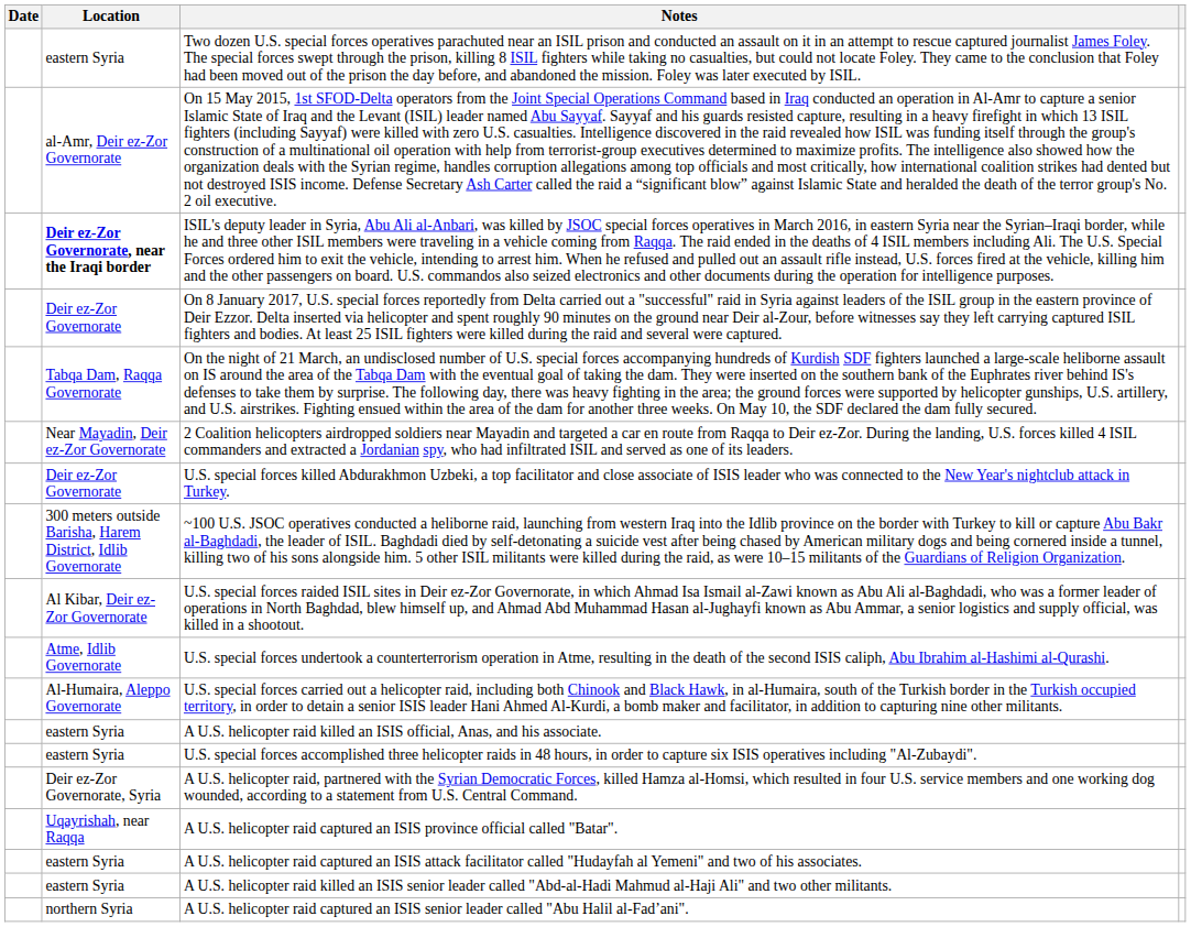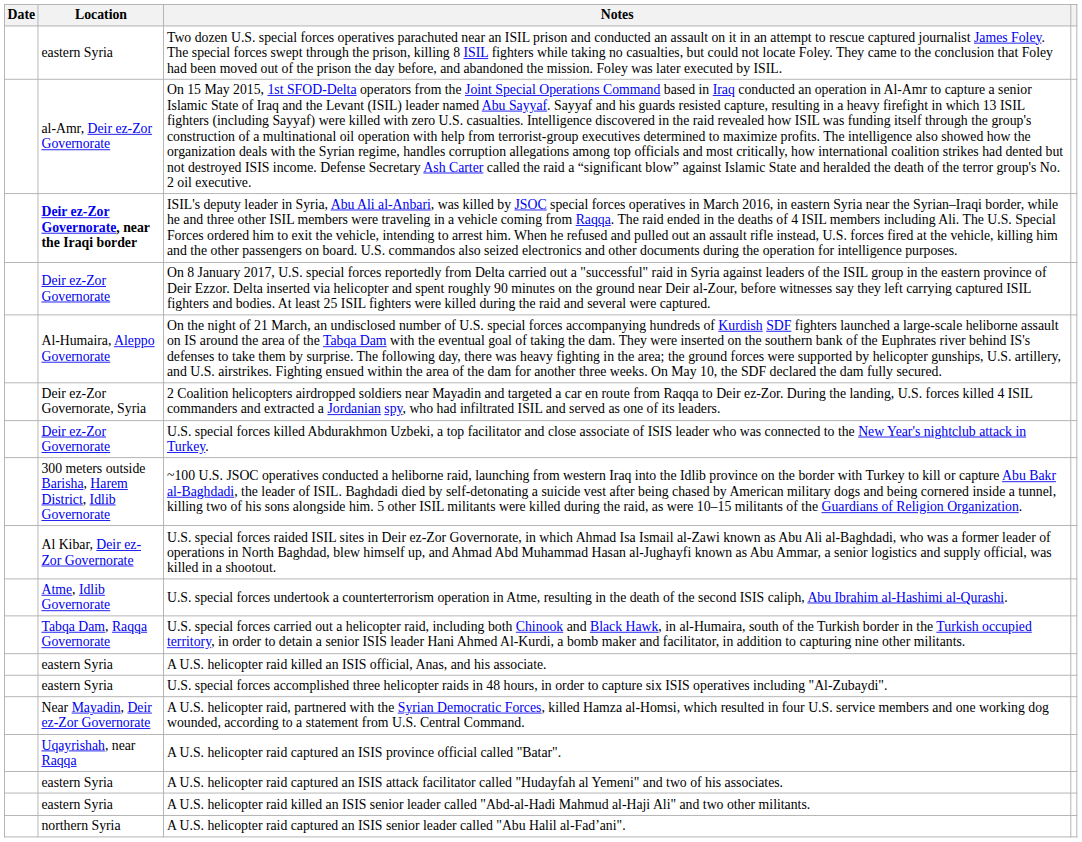 <table class="sortable wikitable" style="background:white; text-align:left;">
 <tr>
 <th>Date</th>
 <th>Location</th>
 <th>Notes</th>
 <th></th>
 </tr>
 <tr>
 <td></td>
 <td>eastern Syria</td>
 <td> Two dozen U.S. special forces operatives parachuted near an ISIL prison and conducted an assault on it in an attempt to rescue captured journalist <a href='#'>James Foley</a>. The special forces swept through the prison, killing 8 <a href='#'>ISIL</a> fighters while taking no casualties, but could not locate Foley. They came to the conclusion that Foley had been moved out of the prison the day before, and abandoned the mission. Foley was later executed by ISIL.</td>
 <td></td>
 </tr>
 <tr>
 <td></td>
 <td>al-Amr, <a href='#'>Deir ez-Zor Governorate</a></td>
 <td> On 15 May 2015, <a href='#'>1st SFOD-Delta</a> operators from the <a href='#'>Joint Special Operations Command</a> based in <a href='#'>Iraq</a> conducted an operation in Al-Amr to capture a senior Islamic State of Iraq and the Levant (ISIL) leader named <a href='#'>Abu Sayyaf</a>. Sayyaf and his guards resisted capture, resulting in a heavy firefight in which 13 ISIL fighters (including Sayyaf) were killed with zero U.S. casualties. Intelligence discovered in the raid revealed how ISIL was funding itself through the group's construction of a multinational oil operation with help from terrorist-group executives determined to maximize profits. The intelligence also showed how the organization deals with the Syrian regime, handles corruption allegations among top officials and most critically, how international coalition strikes had dented but not destroyed ISIS income. Defense Secretary <a href='#'>Ash Carter</a> called the raid a “significant blow” against Islamic State and heralded the death of the terror group's No. 2 oil executive.</td>
 <td></td>
 </tr>
 <tr>
 <td></td>
 <td><strong><a href='#'>Deir ez-Zor Governorate</a>, near the Iraqi border</strong></td>
 <td>ISIL's deputy leader in Syria, <a href='#'>Abu Ali al-Anbari</a>, was killed by <a href='#'>JSOC</a> special forces operatives in March 2016, in eastern Syria near the Syrian–Iraqi border, while he and three other ISIL members were traveling in a vehicle coming from <a href='#'>Raqqa</a>. The raid ended in the deaths of 4 ISIL members including Ali. The U.S. Special Forces ordered him to exit the vehicle, intending to arrest him. When he refused and pulled out an assault rifle instead, U.S. forces fired at the vehicle, killing him and the other passengers on board. U.S. commandos also seized electronics and other documents during the operation for intelligence purposes.</td>
 <td></td>
 </tr>
 <tr>
 <td></td>
 <td><a href='#'>Deir ez-Zor Governorate</a></td>
 <td>On 8 January 2017, U.S. special forces reportedly from Delta carried out a "successful" raid in Syria against leaders of the ISIL group in the eastern province of Deir Ezzor. Delta inserted via helicopter and spent roughly 90 minutes on the ground near Deir al-Zour, before witnesses say they left carrying captured ISIL fighters and bodies. At least 25 ISIL fighters were killed during the raid and several were captured.</td>
 <td></td>
 </tr>
 <tr>
 <td></td>
-<td><a href='#'>Tabqa Dam</a>, <a href='#'>Raqqa Governorate</a></td>
+<td>Al-Humaira, <a href='#'>Aleppo Governorate</a></td>
 <td>On the night of 21 March, an undisclosed number of U.S. special forces accompanying hundreds of <a href='#'>Kurdish</a> <a href='#'>SDF</a> fighters launched a large-scale heliborne assault on IS around the area of the <a href='#'>Tabqa Dam</a> with the eventual goal of taking the dam. They were inserted on the southern bank of the Euphrates river behind IS's defenses to take them by surprise. The following day, there was heavy fighting in the area; the ground forces were supported by helicopter gunships, U.S. artillery, and U.S. airstrikes. Fighting ensued within the area of the dam for another three weeks. On May 10, the SDF declared the dam fully secured.</td>
 <td></td>
 </tr>
 <tr>
 <td></td>
-<td>Near <a href='#'>Mayadin</a>, <a href='#'>Deir ez-Zor Governorate</a></td>
+<td>Deir ez-Zor Governorate, Syria</td>
 <td>2 Coalition helicopters airdropped soldiers near Mayadin and targeted a car en route from Raqqa to Deir ez-Zor. During the landing, U.S. forces killed 4 ISIL commanders and extracted a <a href='#'>Jordanian</a> <a href='#'>spy</a>, who had infiltrated ISIL and served as one of its leaders.</td>
 <td></td>
 </tr>
 <tr>
 <td></td>
 <td><a href='#'>Deir ez-Zor Governorate</a></td>
 <td>U.S. special forces killed Abdurakhmon Uzbeki, a top facilitator and close associate of ISIS leader who was connected to the <a href='#'>New Year's nightclub attack in Turkey</a>.</td>
 <td></td>
 </tr>
 <tr>
 <td></td>
 <td>300 meters outside <a href='#'>Barisha</a>, <a href='#'>Harem District</a>, <a href='#'>Idlib Governorate</a></td>
 <td> ~100 U.S. JSOC operatives conducted a heliborne raid, launching from western Iraq into the Idlib province on the border with Turkey to kill or capture <a href='#'>Abu Bakr al-Baghdadi</a>, the leader of ISIL. Baghdadi died by self-detonating a suicide vest after being chased by American military dogs and being cornered inside a tunnel, killing two of his sons alongside him. 5 other ISIL militants were killed during the raid, as were 10–15 militants of the <a href='#'>Guardians of Religion Organization</a>.</td>
 <td></td>
 </tr>
 <tr>
 <td></td>
 <td>Al Kibar, <a href='#'>Deir ez-Zor Governorate</a></td>
 <td>U.S. special forces raided ISIL sites in Deir ez-Zor Governorate, in which Ahmad Isa Ismail al-Zawi known as Abu Ali al-Baghdadi, who was a former leader of operations in North Baghdad, blew himself up, and Ahmad Abd Muhammad Hasan al-Jughayfi known as Abu Ammar, a senior logistics and supply official, was killed in a shootout.</td>
 <td></td>
 </tr>
 <tr>
 <td></td>
 <td><a href='#'>Atme</a>, <a href='#'>Idlib Governorate</a></td>
 <td>U.S. special forces undertook a counterterrorism operation in Atme, resulting in the death of the second ISIS caliph, <a href='#'>Abu Ibrahim al-Hashimi al-Qurashi</a>.</td>
 <td></td>
 </tr>
 <tr>
 <td></td>
-<td>Al-Humaira, <a href='#'>Aleppo Governorate</a></td>
+<td><a href='#'>Tabqa Dam</a>, <a href='#'>Raqqa Governorate</a></td>
 <td>U.S. special forces carried out a helicopter raid, including both <a href='#'>Chinook</a> and <a href='#'>Black Hawk</a>, in al-Humaira, south of the Turkish border in the <a href='#'>Turkish occupied territory</a>, in order to detain a senior ISIS leader Hani Ahmed Al-Kurdi, a bomb maker and facilitator, in addition to capturing nine other militants.</td>
 <td></td>
 </tr>
 <tr>
 <td></td>
 <td>eastern Syria</td>
 <td>A U.S. helicopter raid killed an ISIS official, Anas, and his associate.</td>
 <td></td>
 </tr>
 <tr>
 <td></td>
 <td>eastern Syria</td>
 <td>U.S. special forces accomplished three helicopter raids in 48 hours, in order to capture six ISIS operatives including "Al-Zubaydi".</td>
 <td></td>
 </tr>
 <tr>
 <td></td>
-<td>Deir ez-Zor Governorate, Syria</td>
+<td>Near <a href='#'>Mayadin</a>, <a href='#'>Deir ez-Zor Governorate</a></td>
 <td>A U.S. helicopter raid, partnered with the <a href='#'>Syrian Democratic Forces</a>, killed Hamza al-Homsi, which resulted in four U.S. service members and one working dog wounded, according to a statement from U.S. Central Command.</td>
 <td></td>
 </tr>
 <tr>
 <td></td>
 <td><a href='#'>Uqayrishah</a>, near <a href='#'>Raqqa</a></td>
 <td>A U.S. helicopter raid captured an ISIS province official called "Batar".</td>
 <td></td>
 </tr>
 <tr>
 <td></td>
 <td>eastern Syria</td>
 <td>A U.S. helicopter raid captured an ISIS attack facilitator called "Hudayfah al Yemeni" and two of his associates.</td>
 <td></td>
 </tr>
 <tr>
 <td></td>
 <td>eastern Syria</td>
 <td>A U.S. helicopter raid killed an ISIS senior leader called "Abd-al-Hadi Mahmud al-Haji Ali" and two other militants.</td>
 <td></td>
 </tr>
 <tr>
 <td></td>
 <td>northern Syria</td>
 <td>A U.S. helicopter raid captured an ISIS senior leader called "Abu Halil al-Fad’ani".</td>
 <td></td>
 </tr>
 </table>
